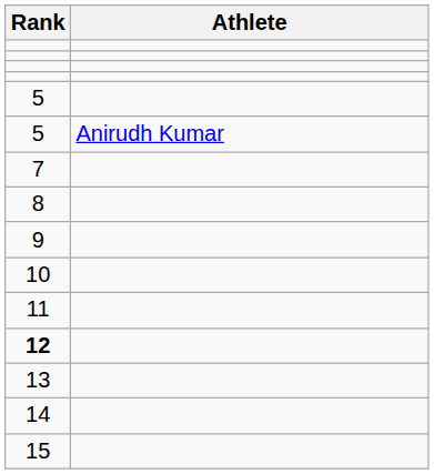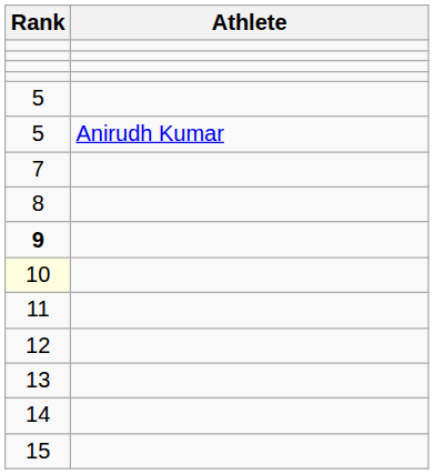 <table class="wikitable" style="text-align: center;">
 <tr>
 <th width=40>Rank</th>
 <th width=250>Athlete</th>
 </tr>
 <tr>
 <td></td>
 <td align="left"></td>
 </tr>
 <tr>
 <td></td>
 <td align="left"></td>
 </tr>
 <tr>
 <td></td>
 <td align="left"></td>
 </tr>
 <tr>
 <td></td>
 <td align="left"></td>
 </tr>
 <tr>
 <td>5</td>
 <td align="left"></td>
 </tr>
 <tr>
 <td>5</td>
 <td align="left"> <a href='#'>Anirudh Kumar</a> </td>
 </tr>
 <tr>
 <td>7</td>
 <td align="left"></td>
 </tr>
 <tr>
 <td>8</td>
 <td align="left"></td>
 </tr>
 <tr>
-<td>9</td>
+<td><strong>9</strong></td>
 <td align="left"></td>
 </tr>
 <tr>
-<td>10</td>
+<td style="background: lightyellow;">10</td>
 <td align="left"></td>
 </tr>
 <tr>
 <td>11</td>
 <td align="left"></td>
 </tr>
 <tr>
-<td><strong>12</strong></td>
+<td>12</td>
 <td align="left"></td>
 </tr>
 <tr>
 <td>13</td>
 <td align="left"></td>
 </tr>
 <tr>
 <td>14</td>
 <td align="left"></td>
 </tr>
 <tr>
 <td>15</td>
 <td align="left"></td>
 </tr>
 </table>
